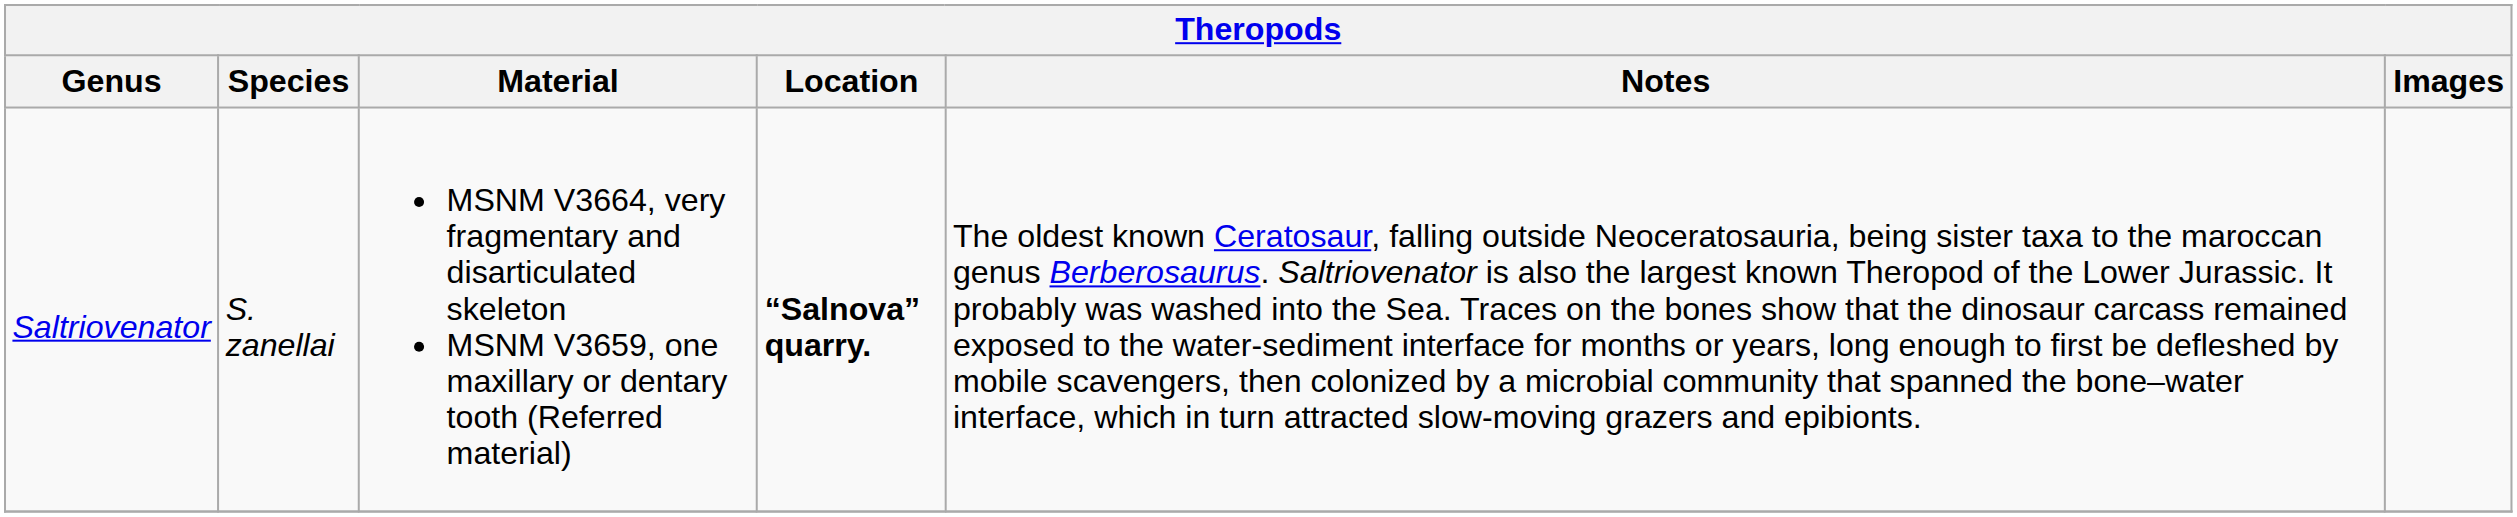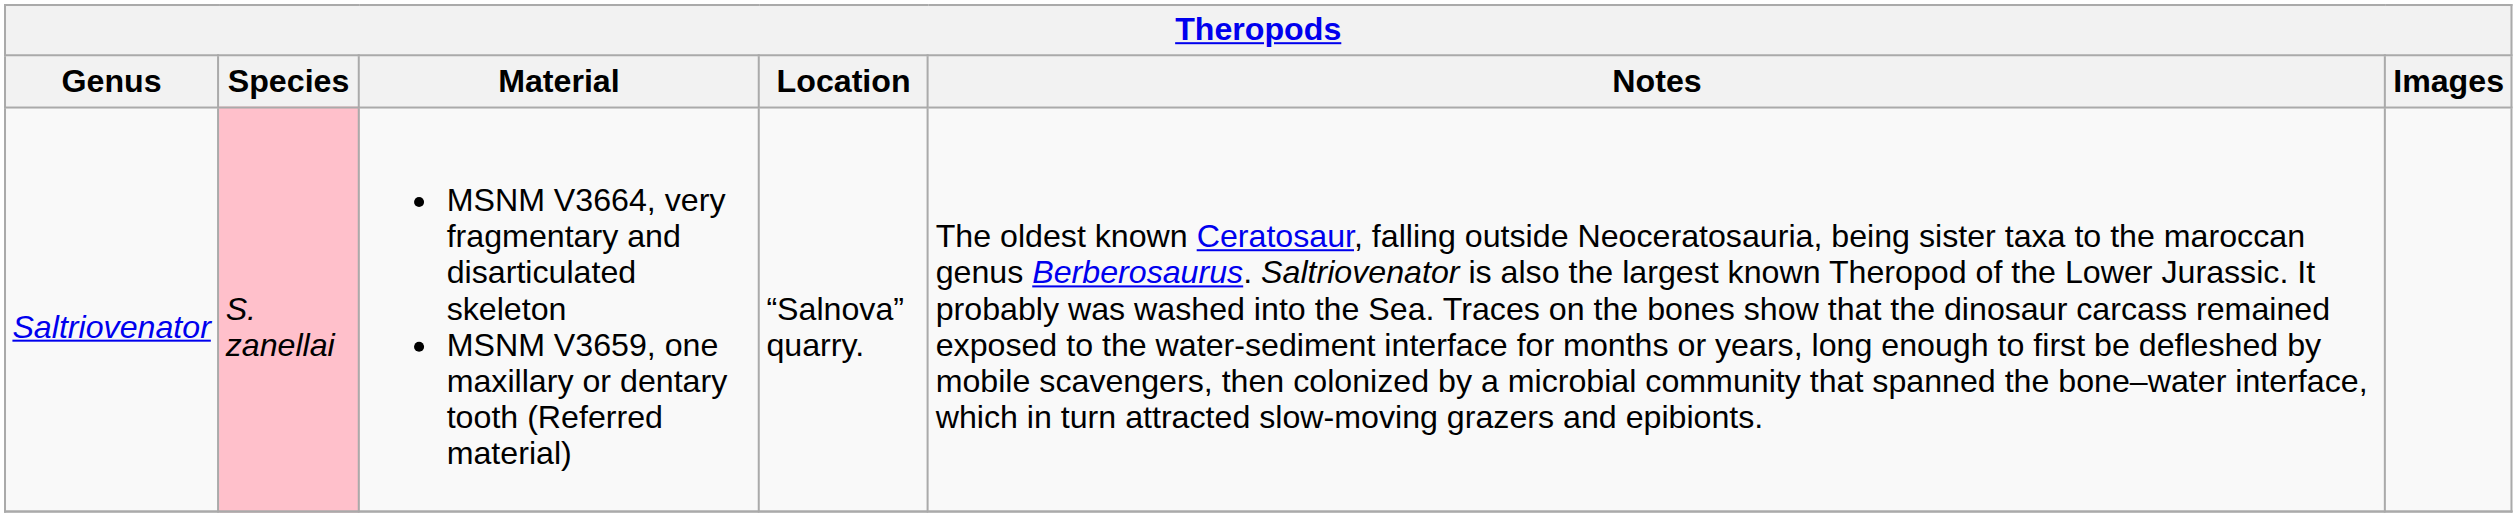 <table class="wikitable" align="center">
 <tr>
 <th colspan="6" align="center"><strong><a href='#'>Theropods</a></strong></th>
 </tr>
 <tr>
 <th>Genus</th>
 <th>Species</th>
 <th>Material</th>
 <th>Location</th>
 <th>Notes</th>
 <th>Images</th>
 </tr>
 <tr>
 <td><br><em><a href='#'>Saltriovenator</a></em></td>
-<td><br><em>S. zanellai</em></td>
+<td style="background: pink;"><br><em>S. zanellai</em></td>
 <td><br><ul><li>MSNM V3664, very fragmentary and disarticulated skeleton</li><li>MSNM V3659, one maxillary or dentary tooth (Referred material)</li></ul></td>
-<td><strong><br>“Salnova” quarry.</strong></td>
+<td><br>“Salnova” quarry.</td>
 <td><br>The oldest known <a href='#'>Ceratosaur</a>, falling outside Neoceratosauria, being sister taxa to the maroccan genus <em><a href='#'>Berberosaurus</a></em>. <em>Saltriovenator</em> is also the largest known Theropod of the Lower Jurassic. It probably was washed into the Sea. Traces on the bones show that the dinosaur carcass remained exposed to the water-sediment interface for months or years, long enough to first be defleshed by mobile scavengers, then colonized by a microbial community that spanned the bone–water interface, which in turn attracted slow-moving grazers and epibionts.</td>
 <td><br></td>
 </tr>
 <tr>
 </tr>
 </table>
